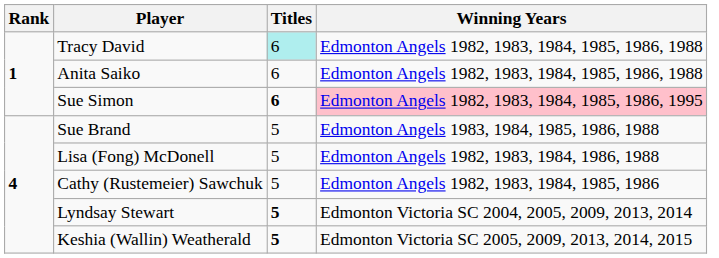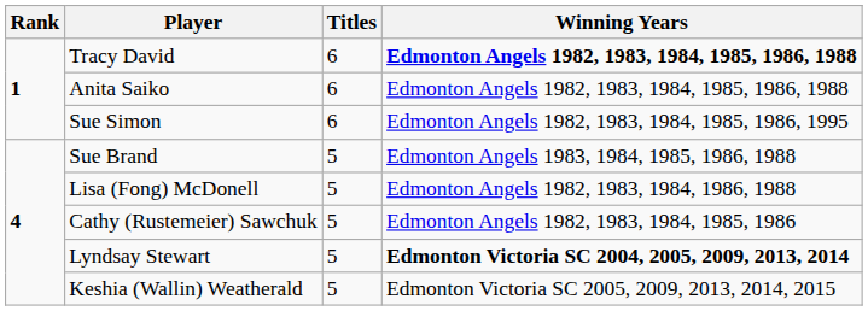 <table class="wikitable">
 <tr>
 <th>Rank</th>
 <th>Player</th>
 <th>Titles</th>
 <th>Winning Years</th>
 </tr>
 <tr>
 <td rowspan="3"><strong>1</strong></td>
 <td style="text-align:left;">Tracy David</td>
-<td style="background: paleturquoise;">6</td>
-<td><a href='#'>Edmonton Angels</a> 1982, 1983, 1984, 1985, 1986, 1988</td>
+<td>6</td>
+<td><strong><a href='#'>Edmonton Angels</a> 1982, 1983, 1984, 1985, 1986, 1988</strong></td>
 </tr>
 <tr>
 <td style="text-align:left;">Anita Saiko</td>
 <td>6</td>
 <td><a href='#'>Edmonton Angels</a> 1982, 1983, 1984, 1985, 1986, 1988</td>
 </tr>
 <tr>
 <td style="text-align:left;">Sue Simon</td>
-<td><strong>6</strong></td>
-<td style="background: pink;"><a href='#'>Edmonton Angels</a> 1982, 1983, 1984, 1985, 1986, 1995</td>
+<td>6</td>
+<td><a href='#'>Edmonton Angels</a> 1982, 1983, 1984, 1985, 1986, 1995</td>
 </tr>
 <tr>
 <td rowspan="5"><strong>4</strong></td>
 <td style="text-align:left;">Sue Brand</td>
 <td>5</td>
 <td><a href='#'>Edmonton Angels</a> 1983, 1984, 1985, 1986, 1988</td>
 </tr>
 <tr>
 <td style="text-align:left;">Lisa (Fong) McDonell</td>
 <td>5</td>
 <td><a href='#'>Edmonton Angels</a> 1982, 1983, 1984, 1986, 1988</td>
 </tr>
 <tr>
 <td style="text-align:left;">Cathy (Rustemeier) Sawchuk</td>
 <td>5</td>
 <td><a href='#'>Edmonton Angels</a> 1982, 1983, 1984, 1985, 1986</td>
 </tr>
 <tr>
 <td style="text-align:left;">Lyndsay Stewart</td>
-<td><strong>5</strong></td>
-<td>Edmonton Victoria SC 2004, 2005, 2009, 2013, 2014</td>
+<td>5</td>
+<td><strong>Edmonton Victoria SC 2004, 2005, 2009, 2013, 2014</strong></td>
 </tr>
 <tr>
 <td style="text-align:left;">Keshia (Wallin) Weatherald</td>
-<td><strong>5</strong></td>
+<td>5</td>
 <td>Edmonton Victoria SC 2005, 2009, 2013, 2014, 2015</td>
 </tr>
 </table>
